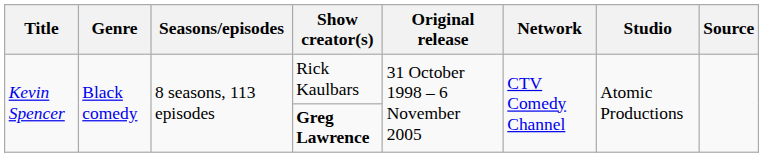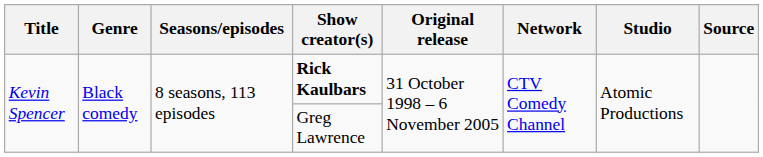 <table class="wikitable sortable" style="text-align: left; font-size:90%; width:100%;">
 <tr>
 <th scope="col">Title</th>
 <th scope="col">Genre</th>
 <th scope="col">Seasons/episodes</th>
 <th scope="col">Show creator(s)</th>
 <th scope="col">Original release</th>
 <th scope="col">Network</th>
 <th scope="col">Studio</th>
 <th scope= "col">Source</th>
 </tr>
 <tr>
 <td rowspan="2"><em><a href='#'>Kevin Spencer</a></em></td>
 <td rowspan="2"><a href='#'>Black comedy</a></td>
 <td rowspan="2">8 seasons, 113 episodes</td>
-<td>Rick Kaulbars</td>
+<td><strong>Rick Kaulbars</strong></td>
 <td rowspan="2">31 October 1998 – 6 November 2005</td>
 <td rowspan="2"><a href='#'>CTV Comedy Channel</a></td>
 <td rowspan="2">Atomic Productions</td>
 <td rowspan="2"></td>
 </tr>
 <tr>
-<td><strong>Greg Lawrence</strong></td>
+<td>Greg Lawrence</td>
 </tr>
 </table>
